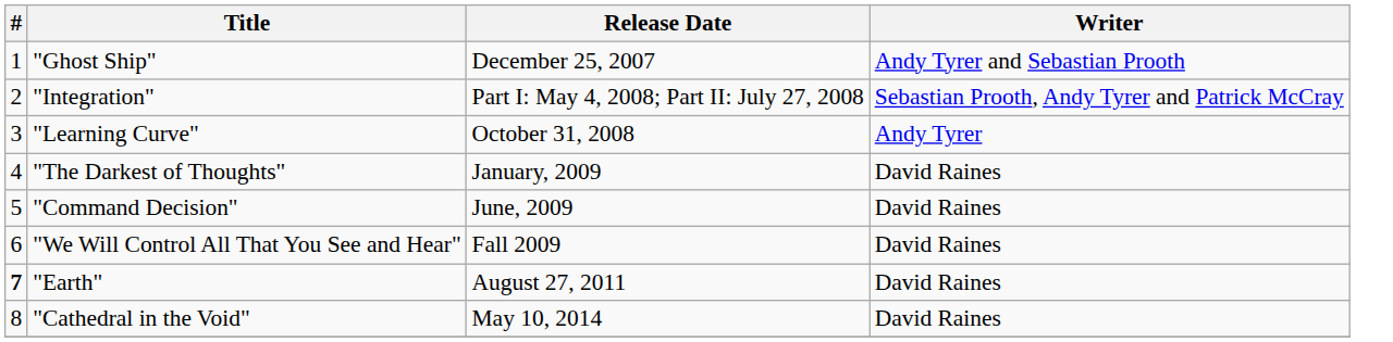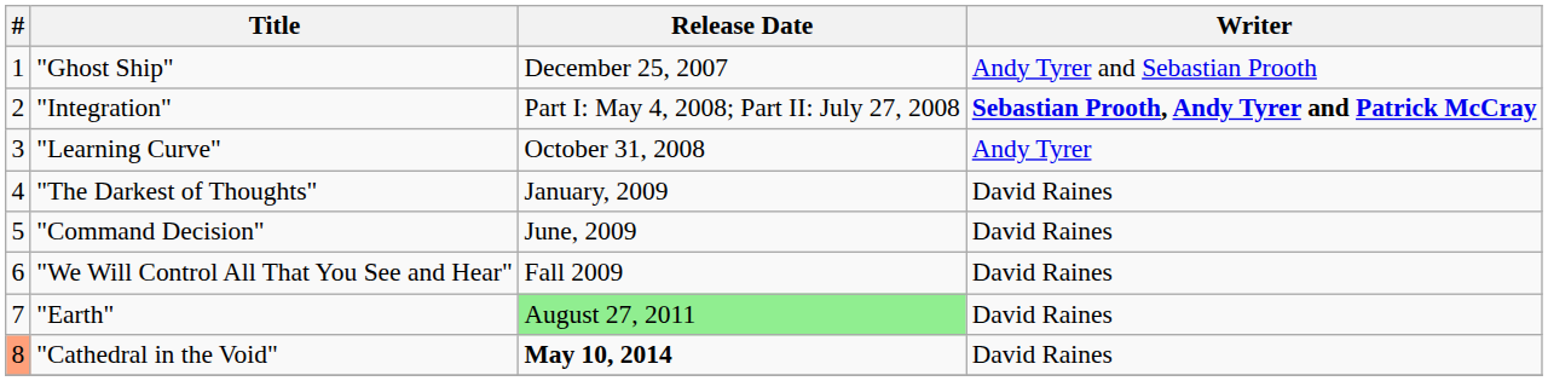 <table class="wikitable">
 <tr>
 <th>#</th>
 <th>Title</th>
 <th>Release Date</th>
 <th>Writer</th>
 </tr>
 <tr>
 <td>1</td>
 <td>"Ghost Ship"</td>
 <td>December 25, 2007</td>
 <td><a href='#'>Andy Tyrer</a> and <a href='#'>Sebastian Prooth</a></td>
 </tr>
 <tr>
 <td>2</td>
 <td>"Integration"</td>
 <td>Part I: May 4, 2008; Part II: July 27, 2008</td>
-<td><a href='#'>Sebastian Prooth</a>, <a href='#'>Andy Tyrer</a> and <a href='#'>Patrick McCray</a></td>
+<td><strong><a href='#'>Sebastian Prooth</a>, <a href='#'>Andy Tyrer</a> and <a href='#'>Patrick McCray</a></strong></td>
 </tr>
 <tr>
 <td>3</td>
 <td>"Learning Curve"</td>
 <td>October 31, 2008</td>
 <td><a href='#'>Andy Tyrer</a></td>
 </tr>
 <tr>
 <td>4</td>
 <td>"The Darkest of Thoughts"</td>
 <td>January, 2009</td>
 <td>David Raines</td>
 </tr>
 <tr>
 <td>5</td>
 <td>"Command Decision"</td>
 <td>June, 2009</td>
 <td>David Raines</td>
 </tr>
 <tr>
 <td>6</td>
 <td>"We Will Control All That You See and Hear"</td>
 <td>Fall 2009</td>
 <td>David Raines</td>
 </tr>
 <tr>
-<td><strong>7</strong></td>
+<td>7</td>
 <td>"Earth"</td>
-<td>August 27, 2011</td>
+<td style="background: lightgreen;">August 27, 2011</td>
 <td>David Raines</td>
 </tr>
 <tr>
-<td>8</td>
+<td style="background: lightsalmon;">8</td>
 <td>"Cathedral in the Void"</td>
-<td>May 10, 2014</td>
+<td><strong>May 10, 2014</strong></td>
 <td>David Raines</td>
 </tr>
 <tr>
 </tr>
 </table>
